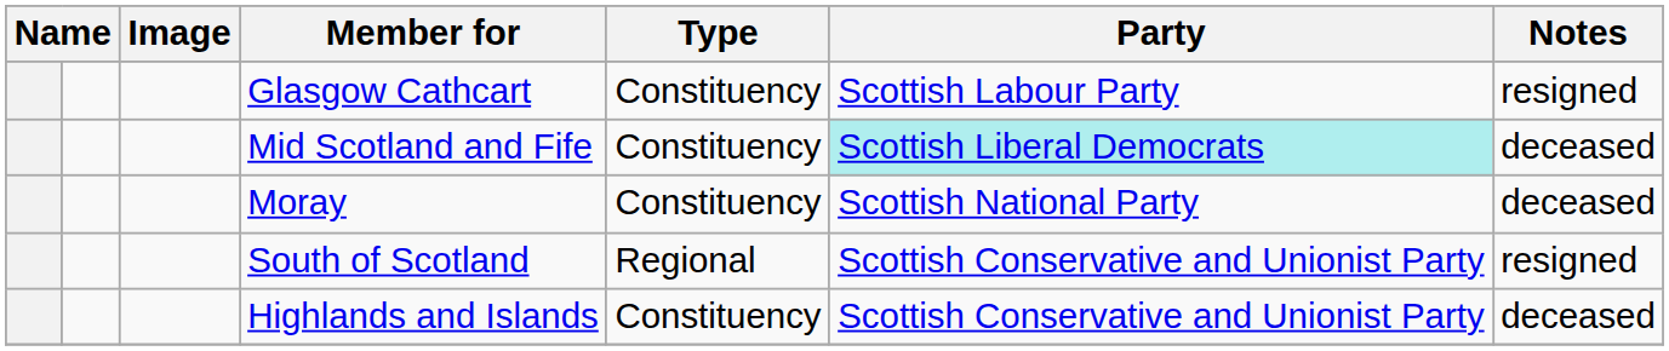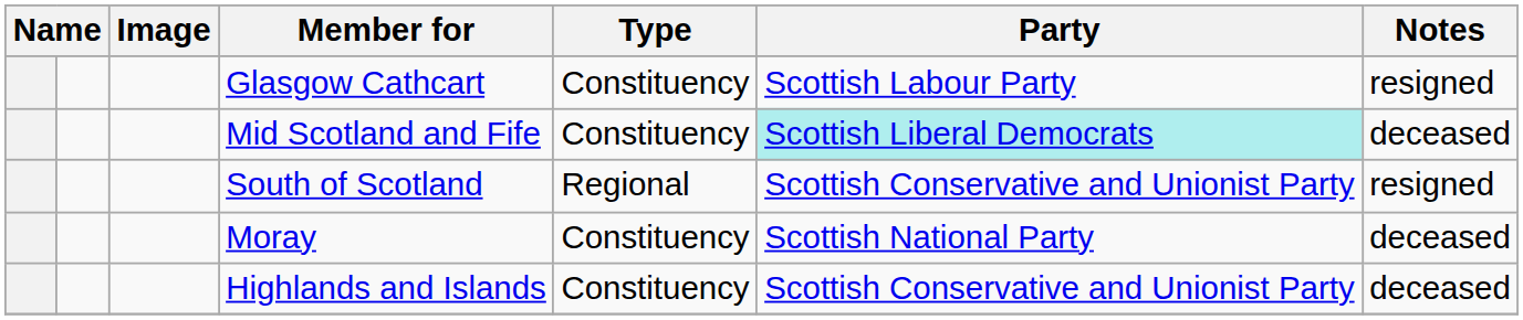 <table class="sortable wikitable">
 <tr valign=bottom>
 <th colspan="2">Name</th>
 <th>Image</th>
 <th>Member for</th>
 <th>Type</th>
 <th>Party</th>
 <th>Notes</th>
 </tr>
 <tr>
 <th style="background-color: "></th>
 <td></td>
 <td></td>
 <td><a href='#'>Glasgow Cathcart</a></td>
 <td>Constituency</td>
 <td><a href='#'>Scottish Labour Party</a></td>
 <td>resigned</td>
 </tr>
 <tr>
 <th style="background-color: "></th>
 <td></td>
 <td></td>
 <td><a href='#'>Mid Scotland and Fife</a></td>
 <td>Constituency</td>
 <td style="background: paleturquoise;"><a href='#'>Scottish Liberal Democrats</a></td>
 <td>deceased</td>
 </tr>
 <tr>
 <th style="background-color: "></th>
 <td></td>
 <td></td>
-<td><a href='#'>Moray</a></td>
-<td>Constituency</td>
-<td><a href='#'>Scottish National Party</a></td>
-<td>deceased</td>
+<td><a href='#'>South of Scotland</a></td>
+<td>Regional</td>
+<td><a href='#'>Scottish Conservative and Unionist Party</a></td>
+<td>resigned</td>
 </tr>
 <tr>
 <th style="background-color: "></th>
 <td></td>
 <td></td>
-<td><a href='#'>South of Scotland</a></td>
-<td>Regional</td>
-<td><a href='#'>Scottish Conservative and Unionist Party</a></td>
-<td>resigned</td>
+<td><a href='#'>Moray</a></td>
+<td>Constituency</td>
+<td><a href='#'>Scottish National Party</a></td>
+<td>deceased</td>
 </tr>
 <tr>
 <th style="background-color: "></th>
 <td></td>
 <td></td>
 <td><a href='#'>Highlands and Islands</a></td>
 <td>Constituency</td>
 <td><a href='#'>Scottish Conservative and Unionist Party</a></td>
 <td>deceased</td>
 </tr>
 <tr>
 </tr>
 </table>
